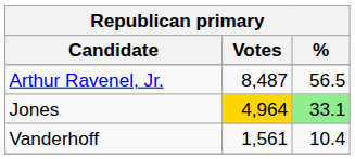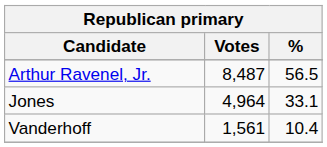 <table class="wikitable" align="left" style="margin: 1em 1em 1em 0; font-size: 95%;">
 <tr>
 <th colspan="3">Republican primary</th>
 </tr>
 <tr>
 <th colspan="1" style="width: 170px">Candidate</th>
 <th style="width: 50px">Votes</th>
 <th style="width: 40px">%</th>
 </tr>
 <tr>
 </tr>
 <tr>
 <td><a href='#'>Arthur Ravenel, Jr.</a></td>
 <td align="right">8,487</td>
 <td align="right">56.5</td>
 </tr>
 <tr>
 <td>Jones</td>
-<td align="right" style="background: gold;">4,964</td>
-<td align="right" style="background: lightgreen;">33.1</td>
+<td align="right">4,964</td>
+<td align="right">33.1</td>
 </tr>
 <tr>
 <td>Vanderhoff</td>
 <td align="right">1,561</td>
 <td align="right">10.4</td>
 </tr>
 <tr>
 </tr>
 </table>
